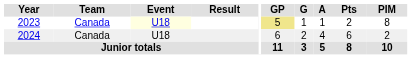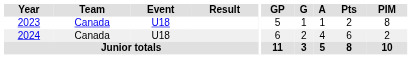 <table border="0" cellpadding="1" cellspacing="0" ID="Table3" style="text-align:center; width:40em">
 <tr ALIGN="center" bgcolor="#e0e0e0">
 <th>Year</th>
 <th>Team</th>
 <th>Event</th>
 <th>Result</th>
 <th rowspan="99" bgcolor="#ffffff"></th>
 <th>GP</th>
 <th>G</th>
 <th>A</th>
 <th>Pts</th>
 <th>PIM</th>
 </tr>
 <tr>
 <td><a href='#'>2023</a></td>
 <td><a href='#'>Canada</a></td>
-<td style="background: lightyellow;"><a href='#'>U18</a></td>
+<td><a href='#'>U18</a></td>
 <td></td>
-<td style="background: khaki;">5</td>
+<td>5</td>
 <td>1</td>
 <td>1</td>
 <td>2</td>
 <td>8</td>
 </tr>
 <tr bgcolor="#f0f0f0">
 <td><a href='#'>2024</a></td>
 <td>Canada</td>
 <td>U18</td>
 <td></td>
 <td>6</td>
 <td>2</td>
 <td>4</td>
 <td>6</td>
 <td>2</td>
 </tr>
 <tr bgcolor="#e0e0e0">
 <th colspan="4">Junior totals</th>
 <th>11</th>
 <th>3</th>
 <th>5</th>
 <th>8</th>
 <th>10</th>
 </tr>
 </table>
